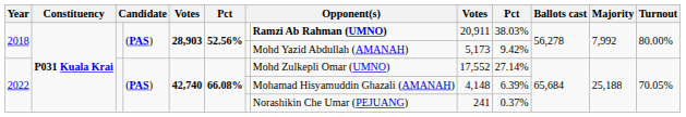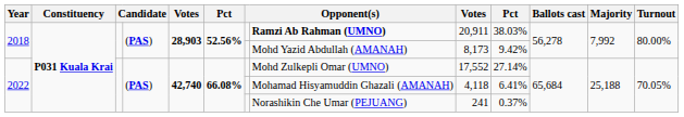 <table class="wikitable" style="margin:0.5em ; font-size:95%">
 <tr>
 <th>Year</th>
 <th>Constituency</th>
 <th colspan=2>Candidate</th>
 <th>Votes</th>
 <th>Pct</th>
 <th colspan=2>Opponent(s)</th>
 <th>Votes</th>
 <th>Pct</th>
 <th>Ballots cast</th>
 <th>Majority</th>
 <th>Turnout</th>
 </tr>
 <tr>
 <td rowspan=2><a href='#'>2018</a></td>
 <td rowspan=5><strong>P031 <a href='#'>Kuala Krai</a></strong></td>
 <td rowspan=2 ></td>
 <td rowspan=2> (<a href='#'><strong>PAS</strong></a>)</td>
 <td rowspan=2 align="right"><strong>28,903</strong></td>
 <td rowspan=2><strong>52.56%</strong></td>
 <td></td>
 <td><strong>Ramzi Ab Rahman (<a href='#'>UMNO</a>)</strong></td>
 <td align="right">20,911</td>
 <td>38.03%</td>
 <td rowspan=2>56,278</td>
 <td rowspan=2>7,992</td>
 <td rowspan=2>80.00%</td>
 </tr>
 <tr>
 <td></td>
 <td>Mohd Yazid Abdullah (<a href='#'>AMANAH</a>)</td>
-<td align="right">5,173</td>
+<td align="right">8,173</td>
 <td align="right">9.42%</td>
 </tr>
 <tr>
 <td rowspan=3><a href='#'>2022</a></td>
 <td rowspan=3 ></td>
 <td rowspan=3> (<a href='#'><strong>PAS</strong></a>)</td>
 <td rowspan=3 align="right"><strong>42,740</strong></td>
 <td rowspan=3><strong>66.08%</strong></td>
 <td></td>
 <td>Mohd Zulkepli Omar (<a href='#'>UMNO</a>)</td>
 <td align="right">17,552</td>
 <td>27.14%</td>
 <td rowspan=3>65,684</td>
 <td rowspan=3>25,188</td>
 <td rowspan=3>70.05%</td>
 </tr>
 <tr>
 <td></td>
 <td>Mohamad Hisyamuddin Ghazali (<a href='#'>AMANAH</a>)</td>
-<td align="right">4,148</td>
-<td align="right">6.39%</td>
+<td align="right">4,118</td>
+<td align="right">6.41%</td>
 </tr>
 <tr>
 <td></td>
 <td>Norashikin Che Umar (<a href='#'>PEJUANG</a>)</td>
 <td align="right">241</td>
 <td align="right">0.37%</td>
 </tr>
 </table>
